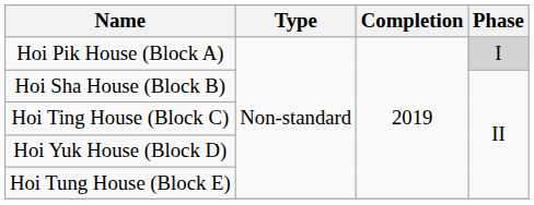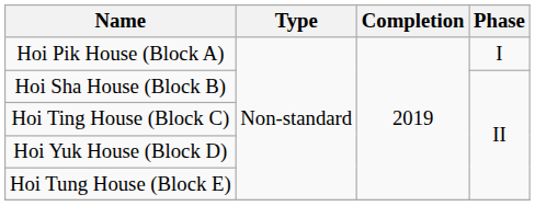 <table class="wikitable" style="text-align: center">
 <tr>
 <th>Name</th>
 <th>Type</th>
 <th>Completion</th>
 <th>Phase</th>
 </tr>
 <tr>
 <td>Hoi Pik House (Block A)</td>
 <td rowspan="5">Non-standard</td>
 <td rowspan="5">2019</td>
-<td style="background: lightgrey;">I</td>
+<td>I</td>
 </tr>
 <tr>
 <td>Hoi Sha House (Block B)</td>
 <td rowspan="4">II</td>
 </tr>
 <tr>
 <td>Hoi Ting House (Block C)</td>
 </tr>
 <tr>
 <td>Hoi Yuk House (Block D)</td>
 </tr>
 <tr>
 <td>Hoi Tung House (Block E)</td>
 </tr>
 <tr>
 </tr>
 </table>
